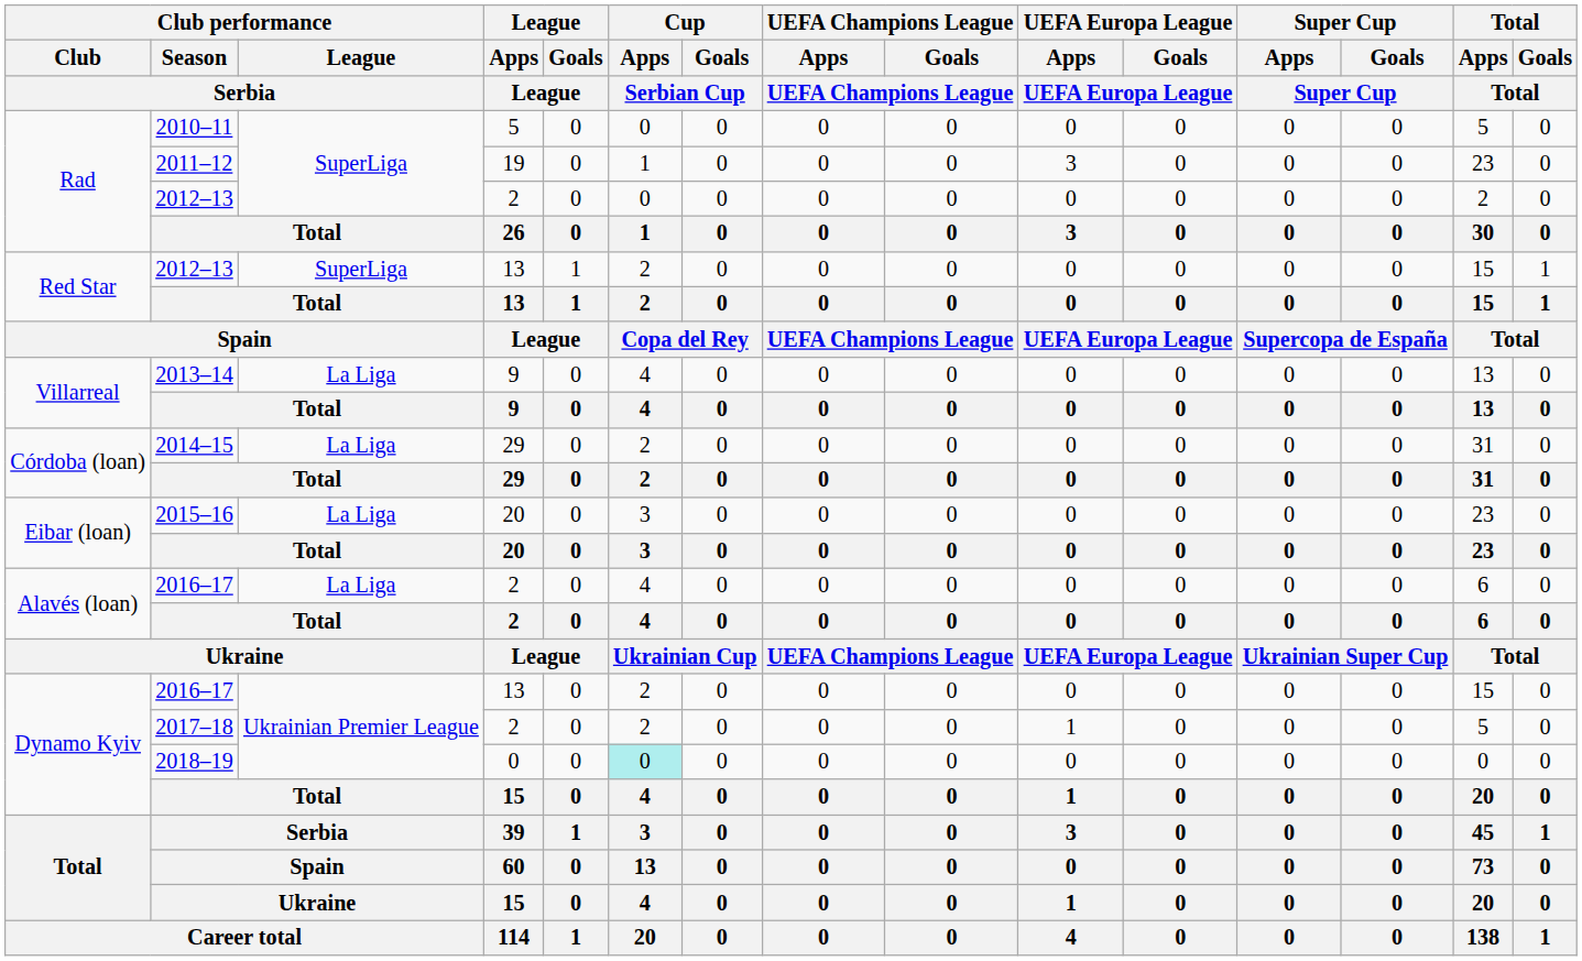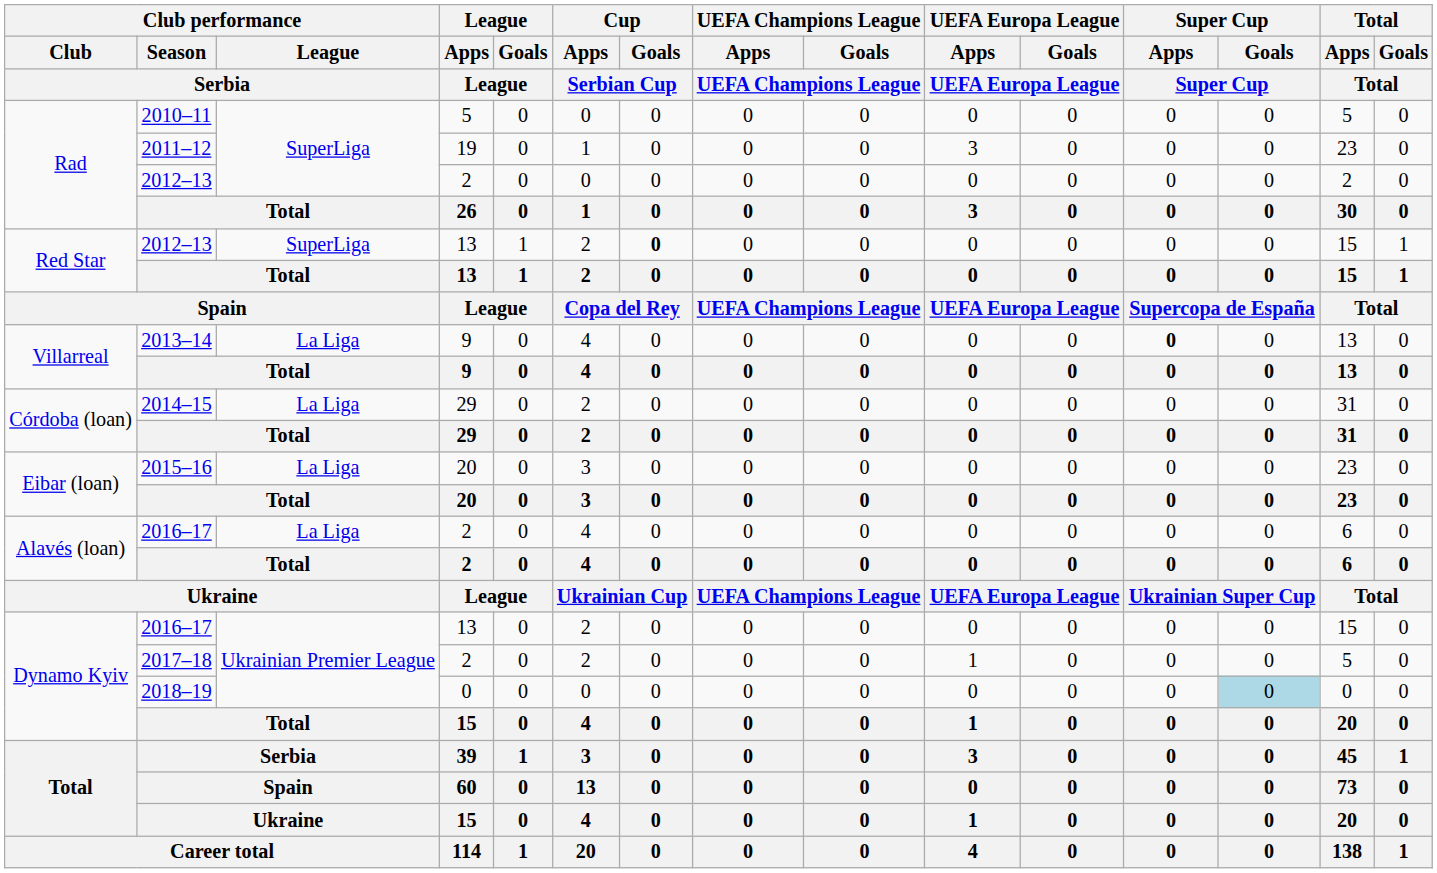 <table class="wikitable" style="text-align:center">
 <tr>
 <th colspan=3>Club performance</th>
 <th colspan=2>League</th>
 <th colspan=2>Cup</th>
 <th colspan=2>UEFA Champions League</th>
 <th colspan=2>UEFA Europa League</th>
 <th colspan=2>Super Cup</th>
 <th colspan=2>Total</th>
 </tr>
 <tr>
 <th>Club</th>
 <th>Season</th>
 <th>League</th>
 <th>Apps</th>
 <th>Goals</th>
 <th>Apps</th>
 <th>Goals</th>
 <th>Apps</th>
 <th>Goals</th>
 <th>Apps</th>
 <th>Goals</th>
 <th>Apps</th>
 <th>Goals</th>
 <th>Apps</th>
 <th>Goals</th>
 </tr>
 <tr>
 <th colspan=3>Serbia</th>
 <th colspan=2>League</th>
 <th colspan=2><a href='#'>Serbian Cup</a></th>
 <th colspan=2><a href='#'>UEFA Champions League</a></th>
 <th colspan=2><a href='#'>UEFA Europa League</a></th>
 <th colspan=2><a href='#'>Super Cup</a></th>
 <th colspan=2>Total</th>
 </tr>
 <tr>
 <td rowspan="4"><a href='#'>Rad</a></td>
 <td><a href='#'>2010–11</a></td>
 <td rowspan="3"><a href='#'>SuperLiga</a></td>
 <td>5</td>
 <td>0</td>
 <td>0</td>
 <td>0</td>
 <td>0</td>
 <td>0</td>
 <td>0</td>
 <td>0</td>
 <td>0</td>
 <td>0</td>
 <td>5</td>
 <td>0</td>
 </tr>
 <tr>
 <td><a href='#'>2011–12</a></td>
 <td>19</td>
 <td>0</td>
 <td>1</td>
 <td>0</td>
 <td>0</td>
 <td>0</td>
 <td>3</td>
 <td>0</td>
 <td>0</td>
 <td>0</td>
 <td>23</td>
 <td>0</td>
 </tr>
 <tr>
 <td><a href='#'>2012–13</a></td>
 <td>2</td>
 <td>0</td>
 <td>0</td>
 <td>0</td>
 <td>0</td>
 <td>0</td>
 <td>0</td>
 <td>0</td>
 <td>0</td>
 <td>0</td>
 <td>2</td>
 <td>0</td>
 </tr>
 <tr>
 <th colspan=2>Total</th>
 <th>26</th>
 <th>0</th>
 <th>1</th>
 <th>0</th>
 <th>0</th>
 <th>0</th>
 <th>3</th>
 <th>0</th>
 <th>0</th>
 <th>0</th>
 <th>30</th>
 <th>0</th>
 </tr>
 <tr>
 <td rowspan="2"><a href='#'>Red Star</a></td>
 <td><a href='#'>2012–13</a></td>
 <td><a href='#'>SuperLiga</a></td>
 <td>13</td>
 <td>1</td>
 <td>2</td>
-<td>0</td>
+<td><strong>0</strong></td>
 <td>0</td>
 <td>0</td>
 <td>0</td>
 <td>0</td>
 <td>0</td>
 <td>0</td>
 <td>15</td>
 <td>1</td>
 </tr>
 <tr>
 <th colspan=2>Total</th>
 <th>13</th>
 <th>1</th>
 <th>2</th>
 <th>0</th>
 <th>0</th>
 <th>0</th>
 <th>0</th>
 <th>0</th>
 <th>0</th>
 <th>0</th>
 <th>15</th>
 <th>1</th>
 </tr>
 <tr>
 <th colspan=3>Spain</th>
 <th colspan=2>League</th>
 <th colspan=2><a href='#'>Copa del Rey</a></th>
 <th colspan=2><a href='#'>UEFA Champions League</a></th>
 <th colspan=2><a href='#'>UEFA Europa League</a></th>
 <th colspan=2><a href='#'>Supercopa de España</a></th>
 <th colspan=2>Total</th>
 </tr>
 <tr>
 <td rowspan="2"><a href='#'>Villarreal</a></td>
 <td><a href='#'>2013–14</a></td>
 <td><a href='#'>La Liga</a></td>
 <td>9</td>
 <td>0</td>
 <td>4</td>
 <td>0</td>
 <td>0</td>
 <td>0</td>
 <td>0</td>
 <td>0</td>
-<td>0</td>
+<td><strong>0</strong></td>
 <td>0</td>
 <td>13</td>
 <td>0</td>
 </tr>
 <tr>
 <th colspan=2>Total</th>
 <th>9</th>
 <th>0</th>
 <th>4</th>
 <th>0</th>
 <th>0</th>
 <th>0</th>
 <th>0</th>
 <th>0</th>
 <th>0</th>
 <th>0</th>
 <th>13</th>
 <th>0</th>
 </tr>
 <tr>
 <td rowspan="2"><a href='#'>Córdoba</a> (loan)</td>
 <td><a href='#'>2014–15</a></td>
 <td><a href='#'>La Liga</a></td>
 <td>29</td>
 <td>0</td>
 <td>2</td>
 <td>0</td>
 <td>0</td>
 <td>0</td>
 <td>0</td>
 <td>0</td>
 <td>0</td>
 <td>0</td>
 <td>31</td>
 <td>0</td>
 </tr>
 <tr>
 <th colspan=2>Total</th>
 <th>29</th>
 <th>0</th>
 <th>2</th>
 <th>0</th>
 <th>0</th>
 <th>0</th>
 <th>0</th>
 <th>0</th>
 <th>0</th>
 <th>0</th>
 <th>31</th>
 <th>0</th>
 </tr>
 <tr>
 <td rowspan="2"><a href='#'>Eibar</a> (loan)</td>
 <td><a href='#'>2015–16</a></td>
 <td><a href='#'>La Liga</a></td>
 <td>20</td>
 <td>0</td>
 <td>3</td>
 <td>0</td>
 <td>0</td>
 <td>0</td>
 <td>0</td>
 <td>0</td>
 <td>0</td>
 <td>0</td>
 <td>23</td>
 <td>0</td>
 </tr>
 <tr>
 <th colspan=2>Total</th>
 <th>20</th>
 <th>0</th>
 <th>3</th>
 <th>0</th>
 <th>0</th>
 <th>0</th>
 <th>0</th>
 <th>0</th>
 <th>0</th>
 <th>0</th>
 <th>23</th>
 <th>0</th>
 </tr>
 <tr>
 <td rowspan="2"><a href='#'>Alavés</a> (loan)</td>
 <td><a href='#'>2016–17</a></td>
 <td><a href='#'>La Liga</a></td>
 <td>2</td>
 <td>0</td>
 <td>4</td>
 <td>0</td>
 <td>0</td>
 <td>0</td>
 <td>0</td>
 <td>0</td>
 <td>0</td>
 <td>0</td>
 <td>6</td>
 <td>0</td>
 </tr>
 <tr>
 <th colspan=2>Total</th>
 <th>2</th>
 <th>0</th>
 <th>4</th>
 <th>0</th>
 <th>0</th>
 <th>0</th>
 <th>0</th>
 <th>0</th>
 <th>0</th>
 <th>0</th>
 <th>6</th>
 <th>0</th>
 </tr>
 <tr>
 <th colspan=3>Ukraine</th>
 <th colspan=2>League</th>
 <th colspan=2><a href='#'>Ukrainian Cup</a></th>
 <th colspan=2><a href='#'>UEFA Champions League</a></th>
 <th colspan=2><a href='#'>UEFA Europa League</a></th>
 <th colspan=2><a href='#'>Ukrainian Super Cup</a></th>
 <th colspan=2>Total</th>
 </tr>
 <tr>
 <td rowspan="4"><a href='#'>Dynamo Kyiv</a></td>
 <td><a href='#'>2016–17</a></td>
 <td rowspan="3"><a href='#'>Ukrainian Premier League</a></td>
 <td>13</td>
 <td>0</td>
 <td>2</td>
 <td>0</td>
 <td>0</td>
 <td>0</td>
 <td>0</td>
 <td>0</td>
 <td>0</td>
 <td>0</td>
 <td>15</td>
 <td>0</td>
 </tr>
 <tr>
 <td><a href='#'>2017–18</a></td>
 <td>2</td>
 <td>0</td>
 <td>2</td>
 <td>0</td>
 <td>0</td>
 <td>0</td>
 <td>1</td>
 <td>0</td>
 <td>0</td>
 <td>0</td>
 <td>5</td>
 <td>0</td>
 </tr>
 <tr>
 <td><a href='#'>2018–19</a></td>
 <td>0</td>
 <td>0</td>
-<td style="background: paleturquoise;">0</td>
 <td>0</td>
 <td>0</td>
 <td>0</td>
 <td>0</td>
 <td>0</td>
 <td>0</td>
 <td>0</td>
+<td style="background: lightblue;">0</td>
 <td>0</td>
 <td>0</td>
 </tr>
 <tr>
 <th colspan=2>Total</th>
 <th>15</th>
 <th>0</th>
 <th>4</th>
 <th>0</th>
 <th>0</th>
 <th>0</th>
 <th>1</th>
 <th>0</th>
 <th>0</th>
 <th>0</th>
 <th>20</th>
 <th>0</th>
 </tr>
 <tr>
 <th rowspan=3>Total</th>
 <th colspan=2>Serbia</th>
 <th>39</th>
 <th>1</th>
 <th>3</th>
 <th>0</th>
 <th>0</th>
 <th>0</th>
 <th>3</th>
 <th>0</th>
 <th>0</th>
 <th>0</th>
 <th>45</th>
 <th>1</th>
 </tr>
 <tr>
 <th colspan=2>Spain</th>
 <th>60</th>
 <th>0</th>
 <th>13</th>
 <th>0</th>
 <th>0</th>
 <th>0</th>
 <th>0</th>
 <th>0</th>
 <th>0</th>
 <th>0</th>
 <th>73</th>
 <th>0</th>
 </tr>
 <tr>
 <th colspan=2>Ukraine</th>
 <th>15</th>
 <th>0</th>
 <th>4</th>
 <th>0</th>
 <th>0</th>
 <th>0</th>
 <th>1</th>
 <th>0</th>
 <th>0</th>
 <th>0</th>
 <th>20</th>
 <th>0</th>
 </tr>
 <tr>
 <th colspan=3>Career total</th>
 <th>114</th>
 <th>1</th>
 <th>20</th>
 <th>0</th>
 <th>0</th>
 <th>0</th>
 <th>4</th>
 <th>0</th>
 <th>0</th>
 <th>0</th>
 <th>138</th>
 <th>1</th>
 </tr>
 </table>
